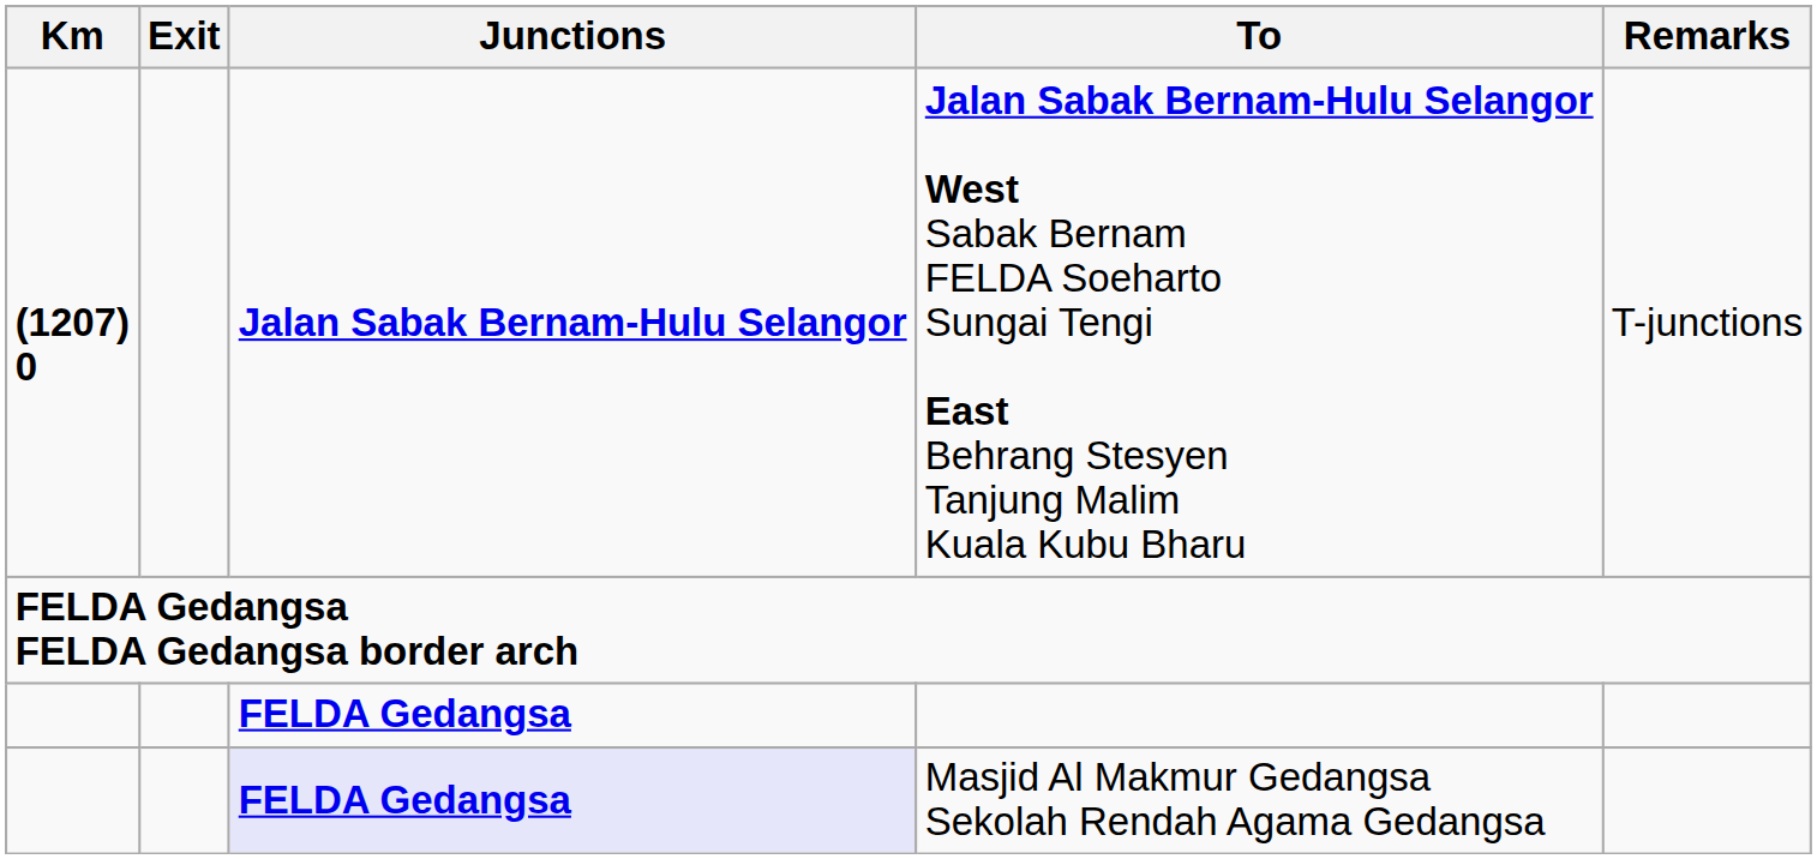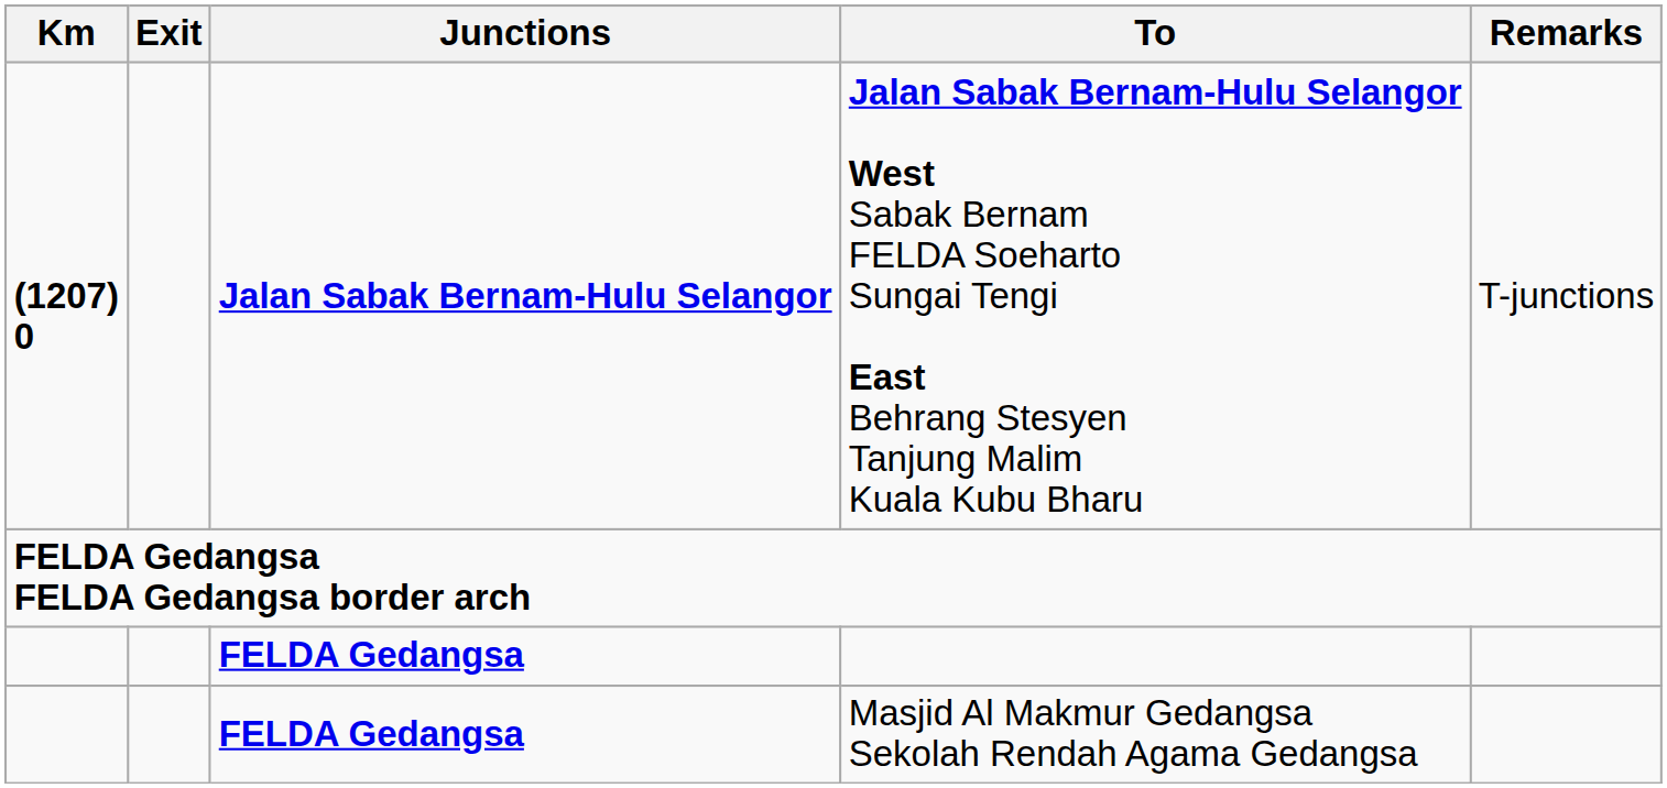 <table class="wikitable">
 <tr>
 <th>Km</th>
 <th>Exit</th>
 <th>Junctions</th>
 <th>To</th>
 <th>Remarks</th>
 </tr>
 <tr>
 <td><br><strong>(1207)</strong><br><strong>0</strong></td>
 <td></td>
 <td><strong><a href='#'>Jalan Sabak Bernam-Hulu Selangor</a></strong></td>
 <td> <strong><a href='#'>Jalan Sabak Bernam-Hulu Selangor</a></strong><br><br><strong>West</strong><br>Sabak Bernam<br>FELDA Soeharto<br>Sungai Tengi<br><br><strong>East</strong><br>Behrang Stesyen<br>Tanjung Malim<br>Kuala Kubu Bharu</td>
 <td>T-junctions</td>
 </tr>
 <tr>
 <td style="width:600px" colspan="6" style="text-align:center; background:white;"><strong><span>FELDA Gedangsa <br>FELDA Gedangsa border arch</span></strong></td>
 </tr>
 <tr>
 <td></td>
 <td></td>
 <td><strong><a href='#'>FELDA Gedangsa</a></strong></td>
 <td></td>
 <td></td>
 </tr>
 <tr>
 <td></td>
 <td></td>
-<td style="background: lavender;"><strong><a href='#'>FELDA Gedangsa</a></strong></td>
+<td><strong><a href='#'>FELDA Gedangsa</a></strong></td>
 <td>Masjid Al Makmur Gedangsa <br>Sekolah Rendah Agama Gedangsa</td>
 <td></td>
 </tr>
 </table>
